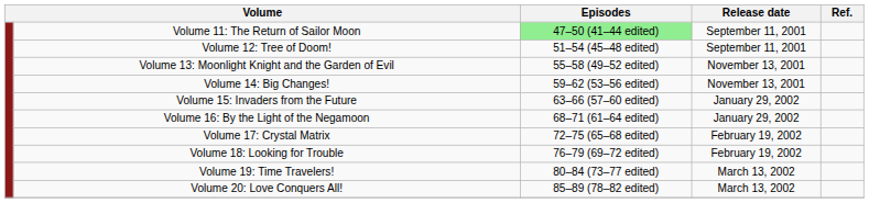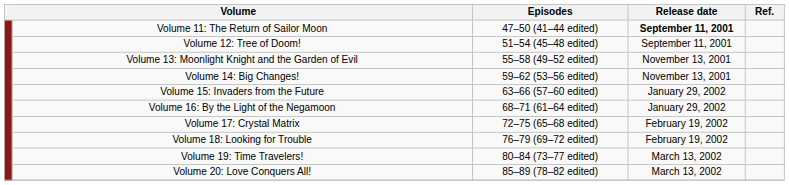 <table class="wikitable" style="text-align: center; width: 98%;">
 <tr>
 <th colspan="2">Volume</th>
 <th width="20%">Episodes</th>
 <th width="15%">Release date</th>
 <th width="5%">Ref.</th>
 </tr>
 <tr>
 <td rowspan="10" width="1%" style="background: #8C1717;"></td>
 <td>Volume 11: The Return of Sailor Moon</td>
-<td style="background: lightgreen;">47–50 (41–44 edited)</td>
-<td>September 11, 2001</td>
+<td>47–50 (41–44 edited)</td>
+<td><strong>September 11, 2001</strong></td>
 <td></td>
 </tr>
 <tr>
 <td>Volume 12: Tree of Doom!</td>
 <td>51–54 (45–48 edited)</td>
 <td>September 11, 2001</td>
 <td></td>
 </tr>
 <tr>
 <td>Volume 13: Moonlight Knight and the Garden of Evil</td>
 <td>55–58 (49–52 edited)</td>
 <td>November 13, 2001</td>
 <td></td>
 </tr>
 <tr>
 <td>Volume 14: Big Changes!</td>
 <td>59–62 (53–56 edited)</td>
 <td>November 13, 2001</td>
 <td></td>
 </tr>
 <tr>
 <td>Volume 15: Invaders from the Future</td>
 <td>63–66 (57–60 edited)</td>
 <td>January 29, 2002</td>
 <td></td>
 </tr>
 <tr>
 <td>Volume 16: By the Light of the Negamoon</td>
 <td>68–71 (61–64 edited)</td>
 <td>January 29, 2002</td>
 <td></td>
 </tr>
 <tr>
 <td>Volume 17: Crystal Matrix</td>
 <td>72–75 (65–68 edited)</td>
 <td>February 19, 2002</td>
 <td></td>
 </tr>
 <tr>
 <td>Volume 18: Looking for Trouble</td>
 <td>76–79 (69–72 edited)</td>
 <td>February 19, 2002</td>
 <td></td>
 </tr>
 <tr>
 <td>Volume 19: Time Travelers!</td>
 <td>80–84 (73–77 edited)</td>
 <td>March 13, 2002</td>
 <td></td>
 </tr>
 <tr>
 <td>Volume 20: Love Conquers All!</td>
 <td>85–89 (78–82 edited)</td>
 <td>March 13, 2002</td>
 <td></td>
 </tr>
 <tr>
 </tr>
 </table>
